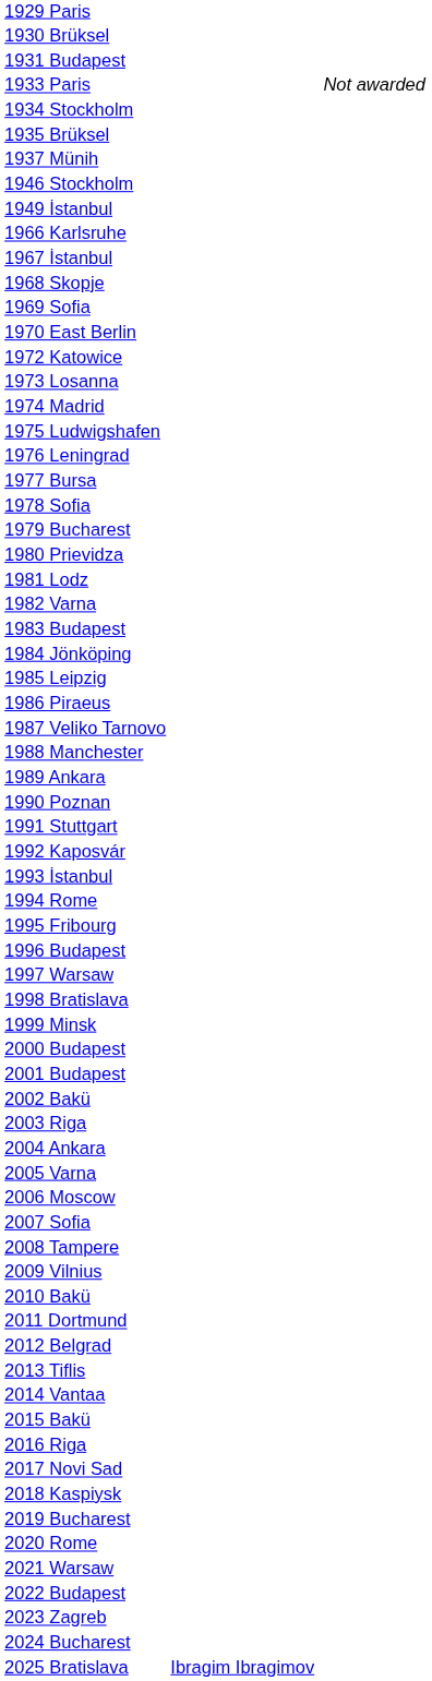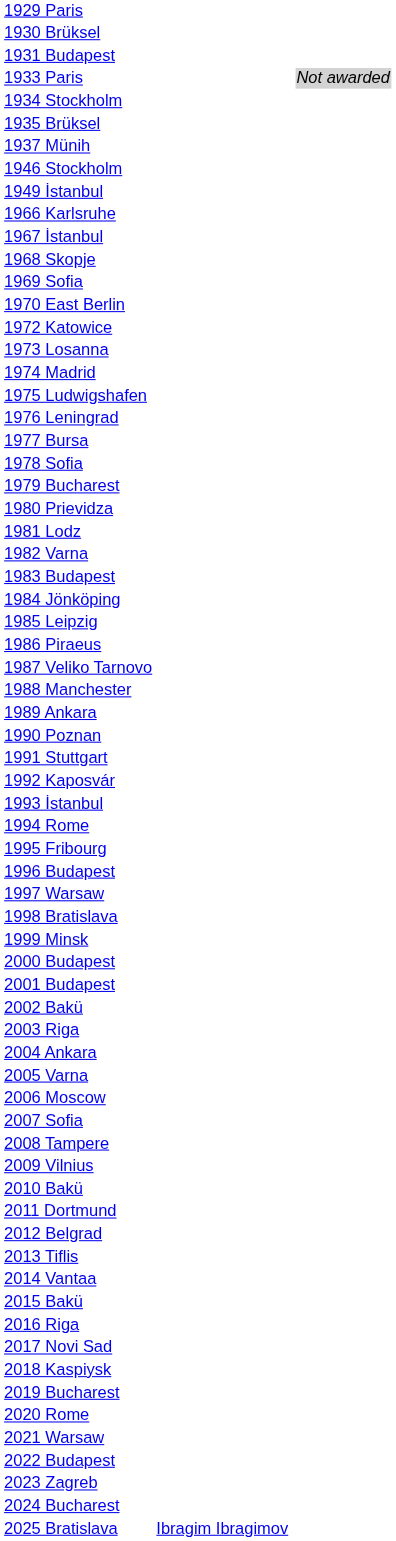 <table>
 <tr>
 <td><a href='#'>1929 Paris</a></td>
 <td></td>
 <td></td>
 <td></td>
 </tr>
 <tr>
 <td><a href='#'>1930 Brüksel</a></td>
 <td></td>
 <td></td>
 <td></td>
 </tr>
 <tr>
 <td><a href='#'>1931 Budapest</a></td>
 <td></td>
 <td></td>
 <td></td>
 </tr>
 <tr>
 <td><a href='#'>1933 Paris</a></td>
 <td></td>
 <td></td>
-<td><em>Not awarded</em></td>
+<td style="background: lightgrey;"><em>Not awarded</em></td>
 </tr>
 <tr>
 <td><a href='#'>1934 Stockholm</a></td>
 <td></td>
 <td></td>
 <td></td>
 </tr>
 <tr>
 <td><a href='#'>1935 Brüksel</a></td>
 <td></td>
 <td></td>
 <td></td>
 </tr>
 <tr>
 <td><a href='#'>1937 Münih</a></td>
 <td></td>
 <td></td>
 <td></td>
 </tr>
 <tr>
 <td><a href='#'>1946 Stockholm</a></td>
 <td></td>
 <td></td>
 <td></td>
 </tr>
 <tr>
 <td><a href='#'>1949 İstanbul</a></td>
 <td></td>
 <td></td>
 <td></td>
 </tr>
 <tr>
 <td><a href='#'>1966 Karlsruhe</a></td>
 <td></td>
 <td></td>
 <td></td>
 </tr>
 <tr>
 <td><a href='#'>1967 İstanbul</a></td>
 <td></td>
 <td></td>
 <td></td>
 </tr>
 <tr>
 <td><a href='#'>1968 Skopje</a></td>
 <td></td>
 <td></td>
 <td></td>
 </tr>
 <tr>
 <td><a href='#'>1969 Sofia</a></td>
 <td></td>
 <td></td>
 <td></td>
 </tr>
 <tr>
 <td><a href='#'>1970 East Berlin</a></td>
 <td></td>
 <td></td>
 <td></td>
 </tr>
 <tr>
 <td><a href='#'>1972 Katowice</a></td>
 <td></td>
 <td></td>
 <td></td>
 </tr>
 <tr>
 <td><a href='#'>1973 Losanna</a></td>
 <td></td>
 <td></td>
 <td></td>
 </tr>
 <tr>
 <td><a href='#'>1974 Madrid</a></td>
 <td></td>
 <td></td>
 <td></td>
 </tr>
 <tr>
 <td><a href='#'>1975 Ludwigshafen</a></td>
 <td></td>
 <td></td>
 <td></td>
 </tr>
 <tr>
 <td><a href='#'>1976 Leningrad</a></td>
 <td></td>
 <td></td>
 <td></td>
 </tr>
 <tr>
 <td><a href='#'>1977 Bursa</a></td>
 <td></td>
 <td></td>
 <td></td>
 </tr>
 <tr>
 <td><a href='#'>1978 Sofia</a></td>
 <td></td>
 <td></td>
 <td></td>
 </tr>
 <tr>
 <td><a href='#'>1979 Bucharest</a></td>
 <td></td>
 <td></td>
 <td></td>
 </tr>
 <tr>
 <td><a href='#'>1980 Prievidza</a></td>
 <td></td>
 <td></td>
 <td></td>
 </tr>
 <tr>
 <td><a href='#'>1981 Lodz</a></td>
 <td></td>
 <td></td>
 <td></td>
 </tr>
 <tr>
 <td><a href='#'>1982 Varna</a></td>
 <td></td>
 <td></td>
 <td></td>
 </tr>
 <tr>
 <td><a href='#'>1983 Budapest</a></td>
 <td></td>
 <td></td>
 <td></td>
 </tr>
 <tr>
 <td><a href='#'>1984 Jönköping</a></td>
 <td></td>
 <td></td>
 <td></td>
 </tr>
 <tr>
 <td><a href='#'>1985 Leipzig</a></td>
 <td></td>
 <td></td>
 <td></td>
 </tr>
 <tr>
 <td><a href='#'>1986 Piraeus</a></td>
 <td></td>
 <td></td>
 <td></td>
 </tr>
 <tr>
 <td><a href='#'>1987 Veliko Tarnovo</a></td>
 <td></td>
 <td></td>
 <td></td>
 </tr>
 <tr>
 <td><a href='#'>1988 Manchester</a></td>
 <td></td>
 <td></td>
 <td></td>
 </tr>
 <tr>
 <td><a href='#'>1989 Ankara</a></td>
 <td></td>
 <td></td>
 <td></td>
 </tr>
 <tr>
 <td><a href='#'>1990 Poznan</a></td>
 <td></td>
 <td></td>
 <td></td>
 </tr>
 <tr>
 <td><a href='#'>1991 Stuttgart</a></td>
 <td></td>
 <td></td>
 <td></td>
 </tr>
 <tr>
 <td><a href='#'>1992 Kaposvár</a></td>
 <td></td>
 <td></td>
 <td></td>
 </tr>
 <tr>
 <td><a href='#'>1993 İstanbul</a></td>
 <td></td>
 <td></td>
 <td></td>
 </tr>
 <tr>
 <td><a href='#'>1994 Rome</a></td>
 <td></td>
 <td></td>
 <td></td>
 </tr>
 <tr>
 <td><a href='#'>1995 Fribourg</a></td>
 <td></td>
 <td></td>
 <td></td>
 </tr>
 <tr>
 <td><a href='#'>1996 Budapest</a></td>
 <td></td>
 <td></td>
 <td></td>
 </tr>
 <tr>
 <td><a href='#'>1997 Warsaw</a></td>
 <td></td>
 <td></td>
 <td></td>
 </tr>
 <tr>
 <td><a href='#'>1998 Bratislava</a></td>
 <td></td>
 <td></td>
 <td></td>
 </tr>
 <tr>
 <td><a href='#'>1999 Minsk</a></td>
 <td></td>
 <td></td>
 <td></td>
 </tr>
 <tr>
 <td><a href='#'>2000 Budapest</a></td>
 <td></td>
 <td></td>
 <td></td>
 </tr>
 <tr>
 <td><a href='#'>2001 Budapest</a></td>
 <td></td>
 <td></td>
 <td></td>
 </tr>
 <tr>
 <td><a href='#'>2002 Bakü</a></td>
 <td></td>
 <td></td>
 <td></td>
 </tr>
 <tr>
 <td><a href='#'>2003 Riga</a></td>
 <td></td>
 <td></td>
 <td></td>
 </tr>
 <tr>
 <td><a href='#'>2004 Ankara</a></td>
 <td></td>
 <td></td>
 <td></td>
 </tr>
 <tr>
 <td rowspan=2><a href='#'>2005 Varna</a></td>
 <td rowspan=2></td>
 <td rowspan=2></td>
 <td></td>
 </tr>
 <tr>
 <td></td>
 </tr>
 <tr>
 <td rowspan=2><a href='#'>2006 Moscow</a></td>
 <td rowspan=2></td>
 <td rowspan=2></td>
 <td></td>
 </tr>
 <tr>
 <td></td>
 </tr>
 <tr>
 <td rowspan=2><a href='#'>2007 Sofia</a></td>
 <td rowspan=2></td>
 <td rowspan=2></td>
 <td></td>
 </tr>
 <tr>
 <td></td>
 </tr>
 <tr>
 <td rowspan=2><a href='#'>2008 Tampere</a></td>
 <td rowspan=2></td>
 <td rowspan=2></td>
 <td></td>
 </tr>
 <tr>
 <td></td>
 </tr>
 <tr>
 <td rowspan=2><a href='#'>2009 Vilnius</a></td>
 <td rowspan=2></td>
 <td rowspan=2></td>
 <td></td>
 </tr>
 <tr>
 <td></td>
 </tr>
 <tr>
 <td rowspan=2><a href='#'>2010 Bakü</a></td>
 <td rowspan=2></td>
 <td rowspan=2></td>
 <td></td>
 </tr>
 <tr>
 <td></td>
 </tr>
 <tr>
 <td rowspan=2><a href='#'>2011 Dortmund</a></td>
 <td rowspan=2></td>
 <td rowspan=2></td>
 <td></td>
 </tr>
 <tr>
 <td></td>
 </tr>
 <tr>
 <td rowspan=2><a href='#'>2012 Belgrad</a></td>
 <td rowspan=2></td>
 <td rowspan=2></td>
 <td></td>
 </tr>
 <tr>
 <td></td>
 </tr>
 <tr>
 <td rowspan=2><a href='#'>2013 Tiflis</a></td>
 <td rowspan=2></td>
 <td rowspan=2></td>
 <td></td>
 </tr>
 <tr>
 <td></td>
 </tr>
 <tr>
 <td rowspan=2><a href='#'>2014 Vantaa</a></td>
 <td rowspan=2></td>
 <td rowspan=2></td>
 <td></td>
 </tr>
 <tr>
 <td></td>
 </tr>
 <tr>
 <td rowspan=2><a href='#'>2015 Bakü</a></td>
 <td rowspan=2></td>
 <td rowspan=2></td>
 <td></td>
 </tr>
 <tr>
 <td></td>
 </tr>
 <tr>
 <td rowspan=2><a href='#'>2016 Riga</a></td>
 <td rowspan=2></td>
 <td rowspan=2></td>
 <td></td>
 </tr>
 <tr>
 <td></td>
 </tr>
 <tr>
 <td rowspan=2><a href='#'>2017 Novi Sad</a></td>
 <td rowspan=2></td>
 <td rowspan=2></td>
 <td></td>
 </tr>
 <tr>
 <td></td>
 </tr>
 <tr>
 <td rowspan=2><a href='#'>2018 Kaspiysk</a></td>
 <td rowspan=2></td>
 <td rowspan=2></td>
 <td></td>
 </tr>
 <tr>
 <td></td>
 </tr>
 <tr>
 <td rowspan=2><a href='#'>2019 Bucharest</a></td>
 <td rowspan=2></td>
 <td rowspan=2></td>
 <td></td>
 </tr>
 <tr>
 <td></td>
 </tr>
 <tr>
 <td rowspan=2><a href='#'>2020 Rome</a></td>
 <td rowspan=2></td>
 <td rowspan=2></td>
 <td></td>
 </tr>
 <tr>
 <td></td>
 </tr>
 <tr>
 <td rowspan=2><a href='#'>2021 Warsaw</a></td>
 <td rowspan=2></td>
 <td rowspan=2></td>
 <td></td>
 </tr>
 <tr>
 <td></td>
 </tr>
 <tr>
 <td rowspan=2><a href='#'>2022 Budapest</a></td>
 <td rowspan=2></td>
 <td rowspan=2></td>
 <td></td>
 </tr>
 <tr>
 <td></td>
 </tr>
 <tr>
 <td rowspan=2><a href='#'>2023 Zagreb</a></td>
 <td rowspan=2></td>
 <td rowspan=2></td>
 <td></td>
 </tr>
 <tr>
 <td></td>
 </tr>
 <tr>
 <td rowspan=2><a href='#'>2024 Bucharest</a></td>
 <td rowspan=2></td>
 <td rowspan=2></td>
 <td></td>
 </tr>
 <tr>
 <td></td>
 </tr>
 <tr>
 <td rowspan=2><a href='#'>2025 Bratislava</a></td>
 <td rowspan=2> <a href='#'>Ibragim Ibragimov</a> </td>
 <td rowspan=2></td>
 <td></td>
 </tr>
 <tr>
 <td></td>
 </tr>
 </table>
